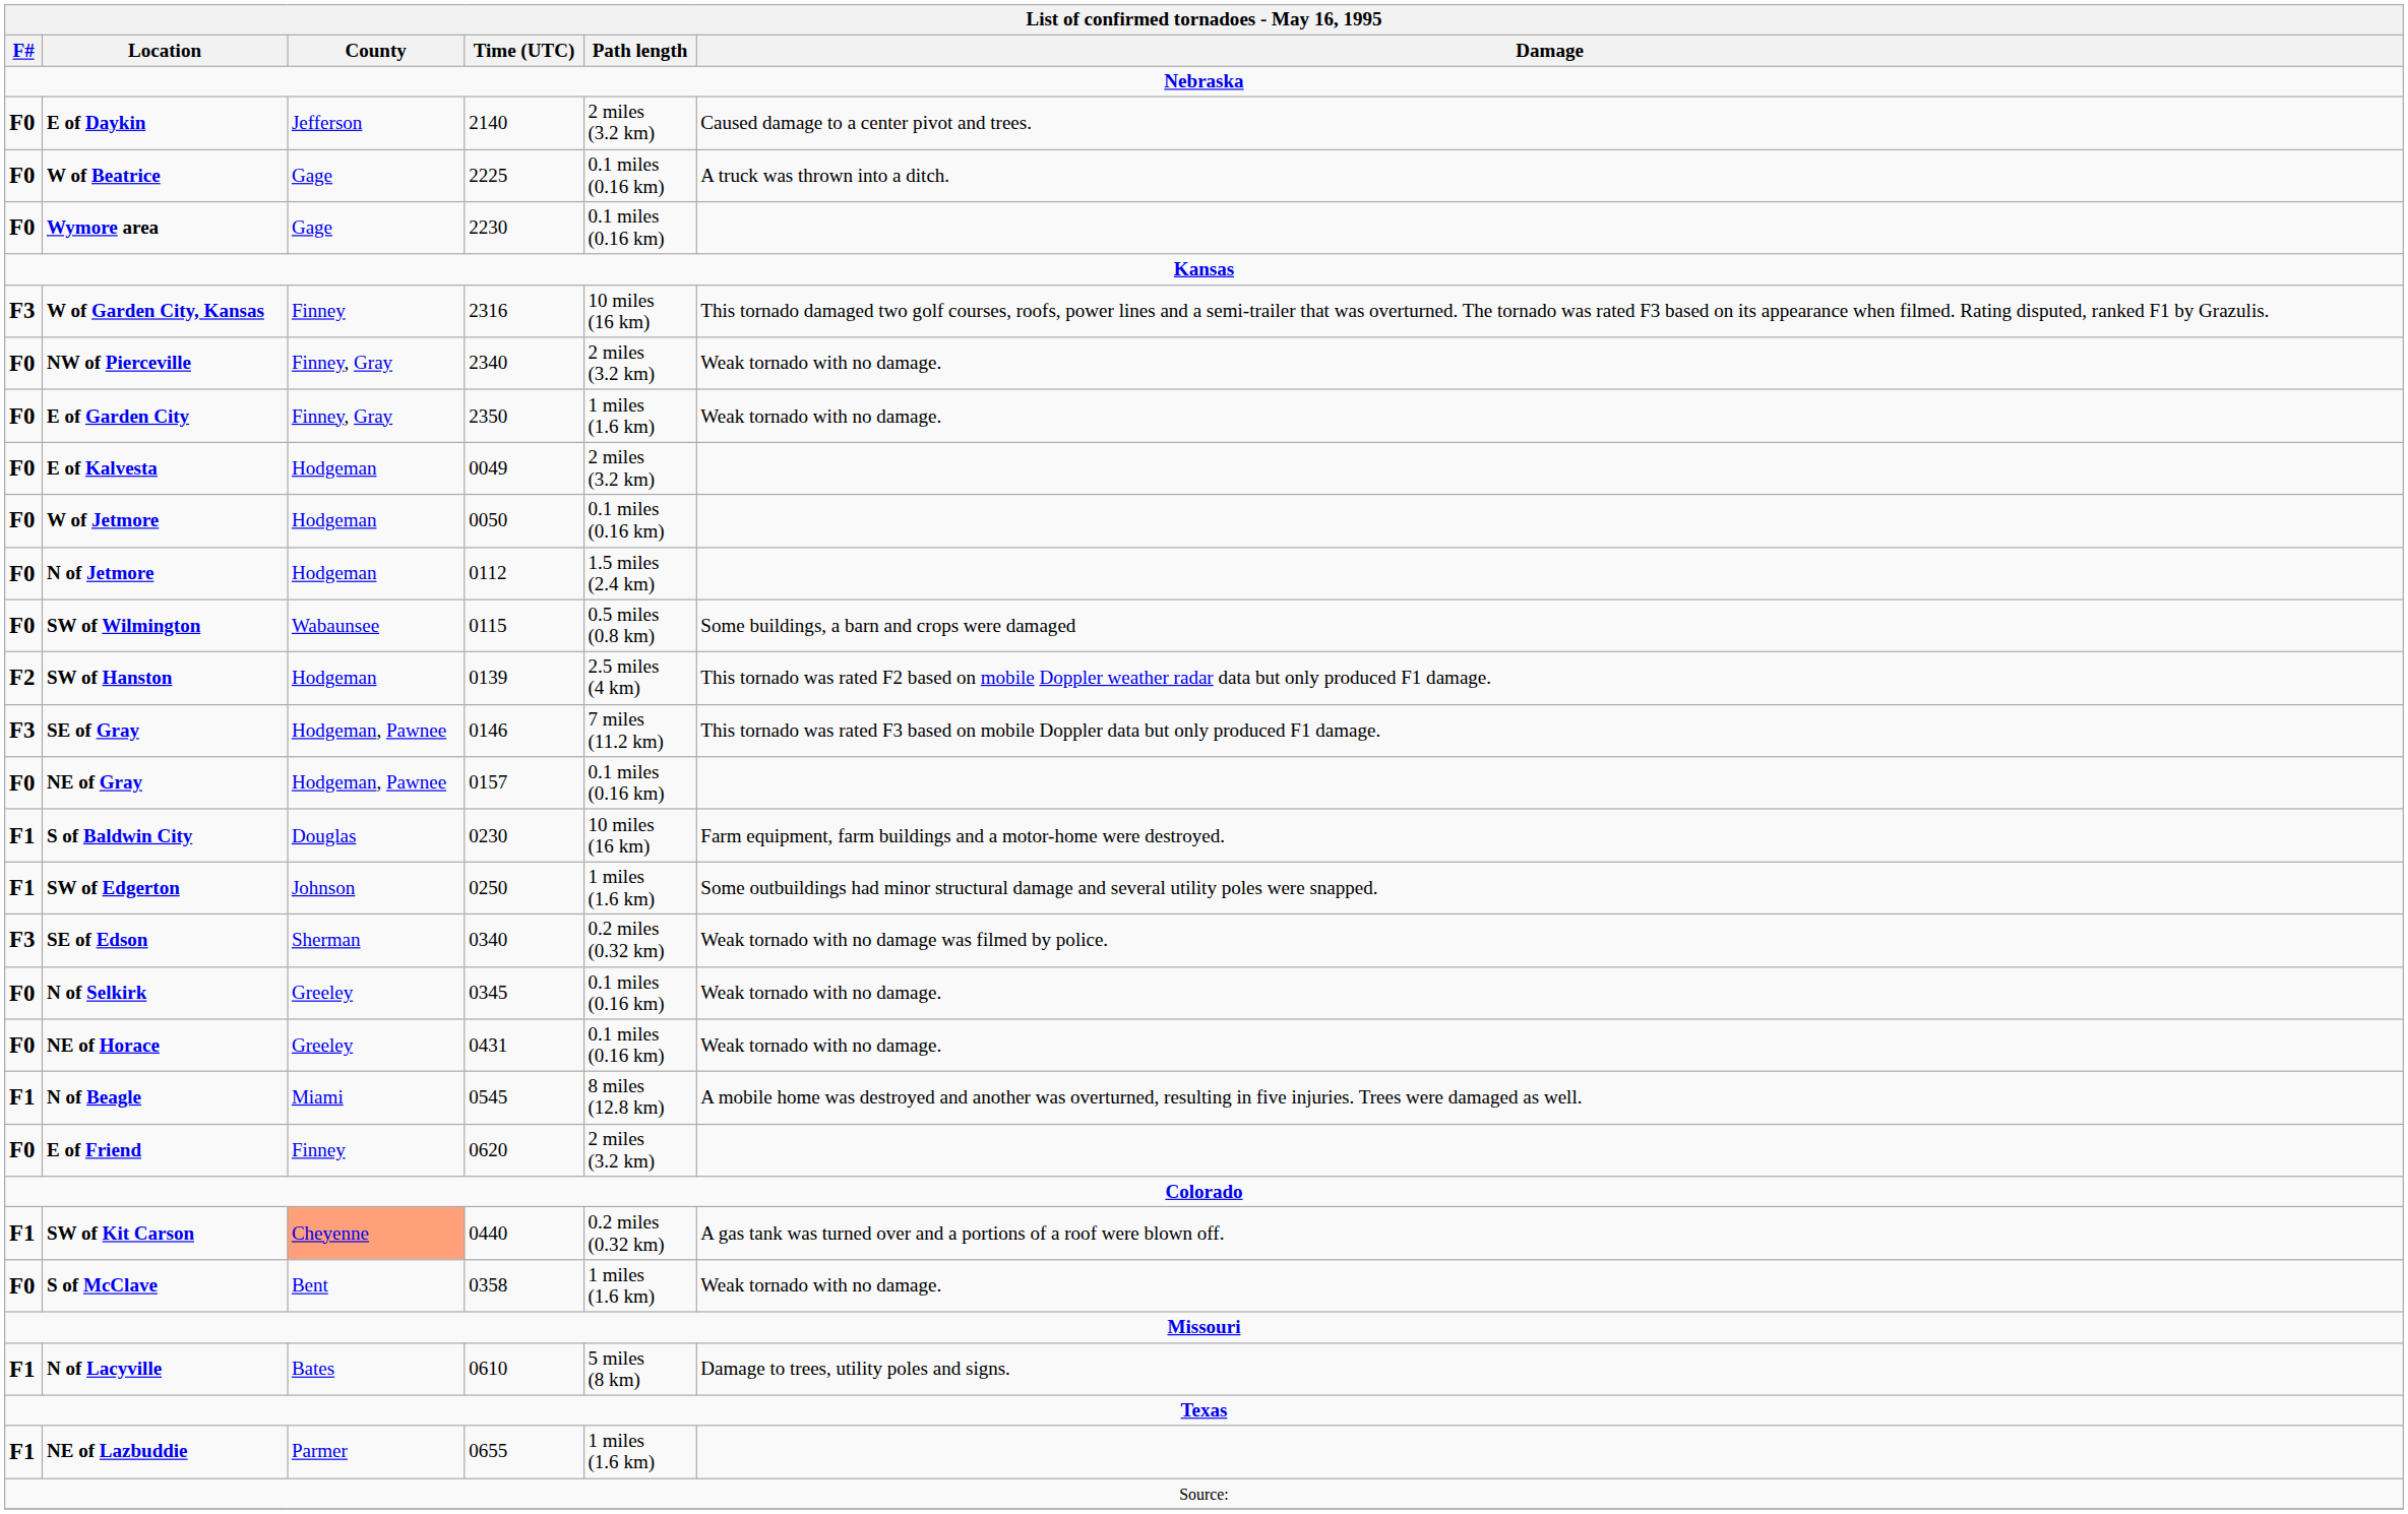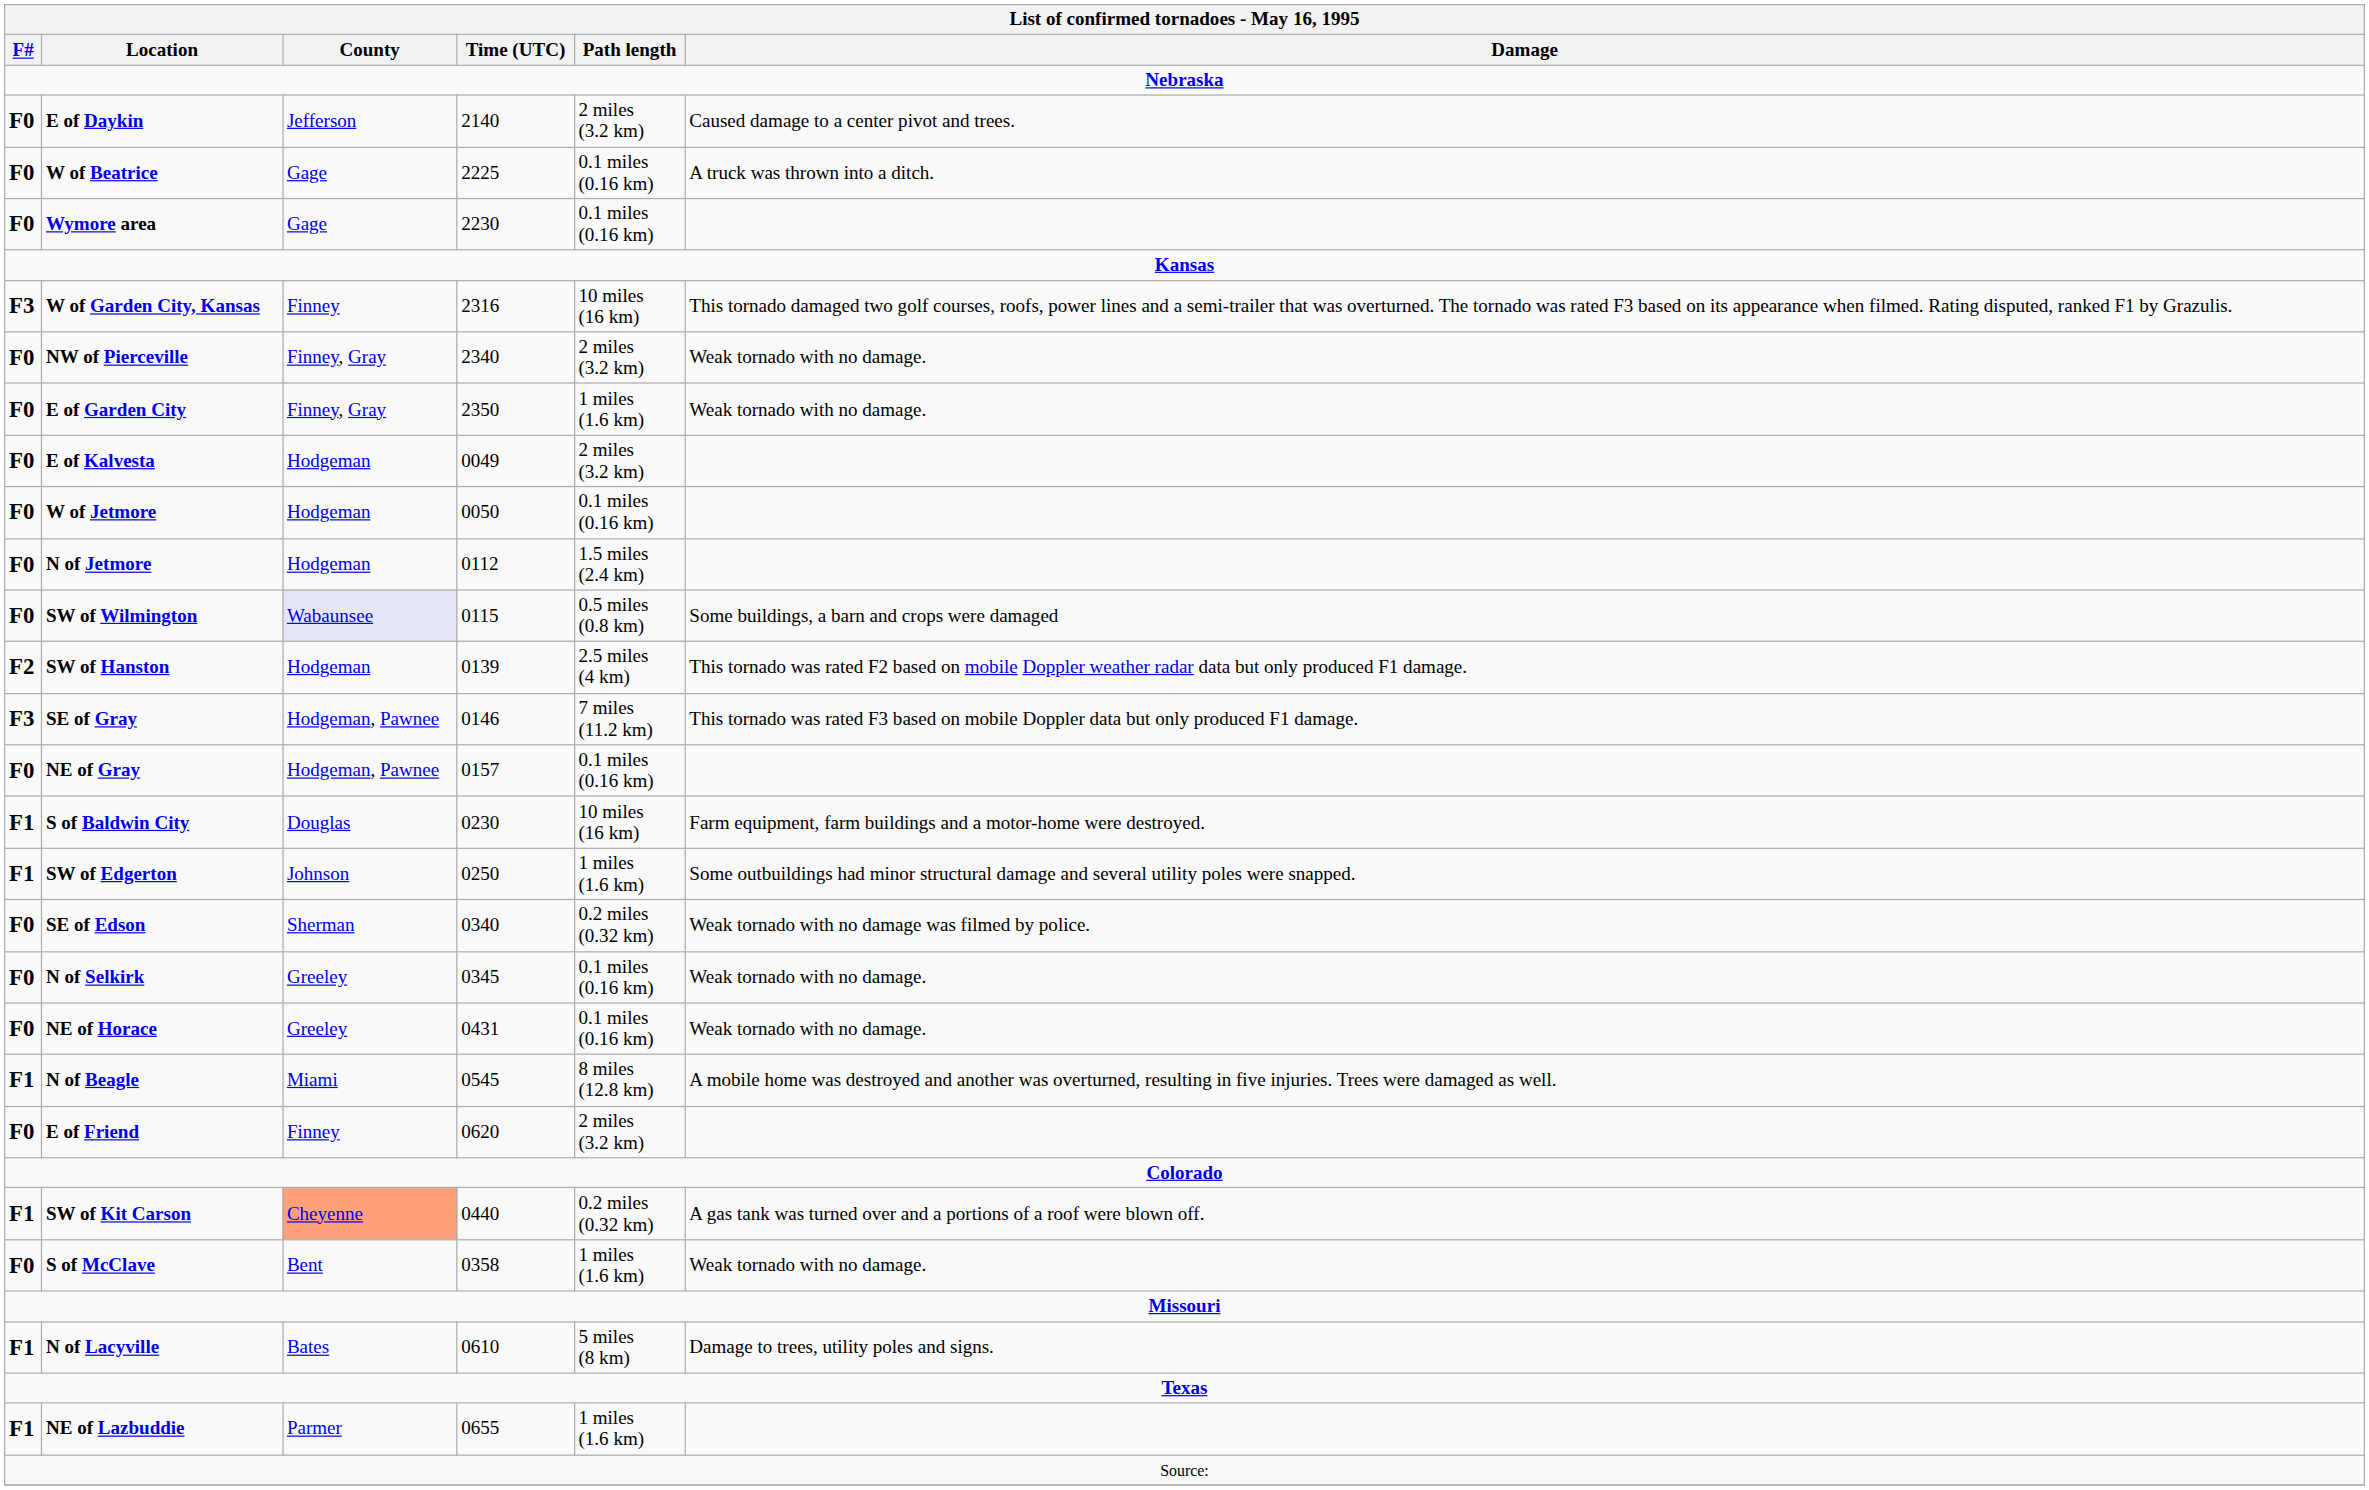 <table class="wikitable collapsible" width="100%">
 <tr>
 <th colspan="6">List of confirmed tornadoes - May 16, 1995</th>
 </tr>
 <tr>
 <th><a href='#'>F#</a></th>
 <th>Location</th>
 <th>County</th>
 <th>Time (UTC)</th>
 <th>Path length</th>
 <th>Damage</th>
 </tr>
 <tr>
 <td colspan="7" align=center><strong><a href='#'>Nebraska</a></strong></td>
 </tr>
 <tr>
 <td><big><strong>F0</strong></big></td>
 <td><strong>E of <a href='#'>Daykin</a></strong></td>
 <td><a href='#'>Jefferson</a></td>
 <td>2140</td>
 <td>2 miles <br> (3.2 km)</td>
 <td>Caused damage to a center pivot and trees.</td>
 </tr>
 <tr>
 <td><big><strong>F0</strong></big></td>
 <td><strong>W of <a href='#'>Beatrice</a></strong></td>
 <td><a href='#'>Gage</a></td>
 <td>2225</td>
 <td>0.1 miles <br> (0.16 km)</td>
 <td>A truck was thrown into a ditch.</td>
 </tr>
 <tr>
 <td><big><strong>F0</strong></big></td>
 <td><strong><a href='#'>Wymore</a> area</strong></td>
 <td><a href='#'>Gage</a></td>
 <td>2230</td>
 <td>0.1 miles <br> (0.16 km)</td>
 <td></td>
 </tr>
 <tr>
 <td colspan="7" align=center><strong><a href='#'>Kansas</a></strong></td>
 </tr>
 <tr>
 <td><big><strong>F3</strong></big></td>
 <td><strong>W of <a href='#'>Garden City, Kansas</a></strong></td>
 <td><a href='#'>Finney</a></td>
 <td>2316</td>
 <td>10 miles <br> (16 km)</td>
 <td>This tornado damaged two golf courses, roofs, power lines and a semi-trailer that was overturned. The tornado was rated F3 based on its appearance when filmed. Rating disputed, ranked F1 by Grazulis.</td>
 </tr>
 <tr>
 <td><big><strong>F0</strong></big></td>
 <td><strong>NW of <a href='#'>Pierceville</a></strong></td>
 <td><a href='#'>Finney</a>, <a href='#'>Gray</a></td>
 <td>2340</td>
 <td>2 miles <br> (3.2 km)</td>
 <td>Weak tornado with no damage.</td>
 </tr>
 <tr>
 <td><big><strong>F0</strong></big></td>
 <td><strong>E of <a href='#'>Garden City</a></strong></td>
 <td><a href='#'>Finney</a>, <a href='#'>Gray</a></td>
 <td>2350</td>
 <td>1 miles <br> (1.6 km)</td>
 <td>Weak tornado with no damage.</td>
 </tr>
 <tr>
 <td><big><strong>F0</strong></big></td>
 <td><strong>E of <a href='#'>Kalvesta</a></strong></td>
 <td><a href='#'>Hodgeman</a></td>
 <td>0049</td>
 <td>2 miles <br> (3.2 km)</td>
 <td></td>
 </tr>
 <tr>
 <td><big><strong>F0</strong></big></td>
 <td><strong>W of <a href='#'>Jetmore</a></strong></td>
 <td><a href='#'>Hodgeman</a></td>
 <td>0050</td>
 <td>0.1 miles <br> (0.16 km)</td>
 <td></td>
 </tr>
 <tr>
 <td><big><strong>F0</strong></big></td>
 <td><strong>N of <a href='#'>Jetmore</a></strong></td>
 <td><a href='#'>Hodgeman</a></td>
 <td>0112</td>
 <td>1.5 miles <br> (2.4 km)</td>
 <td></td>
 </tr>
 <tr>
 <td><big><strong>F0</strong></big></td>
 <td><strong>SW of <a href='#'>Wilmington</a></strong></td>
-<td><a href='#'>Wabaunsee</a></td>
+<td style="background: lavender;"><a href='#'>Wabaunsee</a></td>
 <td>0115</td>
 <td>0.5 miles <br> (0.8 km)</td>
 <td>Some buildings, a barn and crops were damaged</td>
 </tr>
 <tr>
 <td><big><strong>F2</strong></big></td>
 <td><strong>SW of <a href='#'>Hanston</a></strong></td>
 <td><a href='#'>Hodgeman</a></td>
 <td>0139</td>
 <td>2.5 miles <br> (4 km)</td>
 <td>This tornado was rated F2 based on <a href='#'>mobile</a> <a href='#'>Doppler weather radar</a> data but only produced F1 damage.</td>
 </tr>
 <tr>
 <td><big><strong>F3</strong></big></td>
 <td><strong>SE of <a href='#'>Gray</a></strong></td>
 <td><a href='#'>Hodgeman</a>, <a href='#'>Pawnee</a></td>
 <td>0146</td>
 <td>7 miles <br> (11.2 km)</td>
 <td>This tornado was rated F3 based on mobile Doppler data but only produced F1 damage.</td>
 </tr>
 <tr>
 <td><big><strong>F0</strong></big></td>
 <td><strong>NE of <a href='#'>Gray</a></strong></td>
 <td><a href='#'>Hodgeman</a>, <a href='#'>Pawnee</a></td>
 <td>0157</td>
 <td>0.1 miles <br> (0.16 km)</td>
 <td></td>
 </tr>
 <tr>
 <td><big><strong>F1</strong></big></td>
 <td><strong>S of <a href='#'>Baldwin City</a></strong></td>
 <td><a href='#'>Douglas</a></td>
 <td>0230</td>
 <td>10 miles <br> (16 km)</td>
 <td>Farm equipment, farm buildings and a motor-home were destroyed.</td>
 </tr>
 <tr>
 <td><big><strong>F1</strong></big></td>
 <td><strong>SW of <a href='#'>Edgerton</a></strong></td>
 <td><a href='#'>Johnson</a></td>
 <td>0250</td>
 <td>1 miles <br> (1.6 km)</td>
 <td>Some outbuildings had minor structural damage and several utility poles were snapped.</td>
 </tr>
 <tr>
-<td><big><strong>F3</strong></big></td>
+<td><big><strong>F0</strong></big></td>
 <td><strong>SE of <a href='#'>Edson</a></strong></td>
 <td><a href='#'>Sherman</a></td>
 <td>0340</td>
 <td>0.2 miles <br> (0.32 km)</td>
 <td>Weak tornado with no damage was filmed by police.</td>
 </tr>
 <tr>
 <td><big><strong>F0</strong></big></td>
 <td><strong>N of <a href='#'>Selkirk</a></strong></td>
 <td><a href='#'>Greeley</a></td>
 <td>0345</td>
 <td>0.1 miles <br> (0.16 km)</td>
 <td>Weak tornado with no damage.</td>
 </tr>
 <tr>
 <td><big><strong>F0</strong></big></td>
 <td><strong>NE of <a href='#'>Horace</a></strong></td>
 <td><a href='#'>Greeley</a></td>
 <td>0431</td>
 <td>0.1 miles <br> (0.16 km)</td>
 <td>Weak tornado with no damage.</td>
 </tr>
 <tr>
 <td><big><strong>F1</strong></big></td>
 <td><strong>N of <a href='#'>Beagle</a></strong></td>
 <td><a href='#'>Miami</a></td>
 <td>0545</td>
 <td>8 miles <br> (12.8 km)</td>
 <td>A mobile home was destroyed and another was overturned, resulting in five injuries. Trees were damaged as well.</td>
 </tr>
 <tr>
 <td><big><strong>F0</strong></big></td>
 <td><strong>E of <a href='#'>Friend</a></strong></td>
 <td><a href='#'>Finney</a></td>
 <td>0620</td>
 <td>2 miles <br> (3.2 km)</td>
 <td></td>
 </tr>
 <tr>
 <td colspan="7" align=center><strong><a href='#'>Colorado</a></strong></td>
 </tr>
 <tr>
 <td><big><strong>F1</strong></big></td>
 <td><strong>SW of <a href='#'>Kit Carson</a></strong></td>
 <td style="background: lightsalmon;"><a href='#'>Cheyenne</a></td>
 <td>0440</td>
 <td>0.2 miles <br> (0.32 km)</td>
 <td>A gas tank was turned over and a portions of a roof were blown off.</td>
 </tr>
 <tr>
 <td><big><strong>F0</strong></big></td>
 <td><strong>S of <a href='#'>McClave</a></strong></td>
 <td><a href='#'>Bent</a></td>
 <td>0358</td>
 <td>1 miles <br> (1.6 km)</td>
 <td>Weak tornado with no damage.</td>
 </tr>
 <tr>
 <td colspan="7" align=center><strong><a href='#'>Missouri</a></strong></td>
 </tr>
 <tr>
 <td><big><strong>F1</strong></big></td>
 <td><strong>N of <a href='#'>Lacyville</a></strong></td>
 <td><a href='#'>Bates</a></td>
 <td>0610</td>
 <td>5 miles <br> (8 km)</td>
 <td>Damage to trees, utility poles and signs.</td>
 </tr>
 <tr>
 <td colspan="7" align=center><strong><a href='#'>Texas</a></strong></td>
 </tr>
 <tr>
 <td><big><strong>F1</strong></big></td>
 <td><strong>NE of <a href='#'>Lazbuddie</a></strong></td>
 <td><a href='#'>Parmer</a></td>
 <td>0655</td>
 <td>1 miles <br> (1.6 km)</td>
 <td></td>
 </tr>
 <tr>
 <td colspan="7" align=center><small>Source:  </small></td>
 </tr>
 <tr>
 </tr>
 </table>
